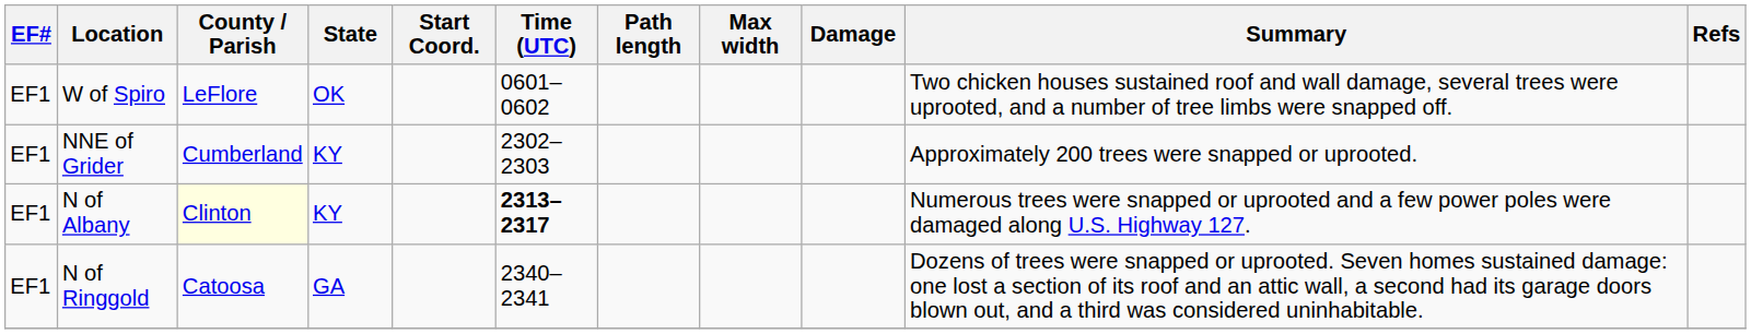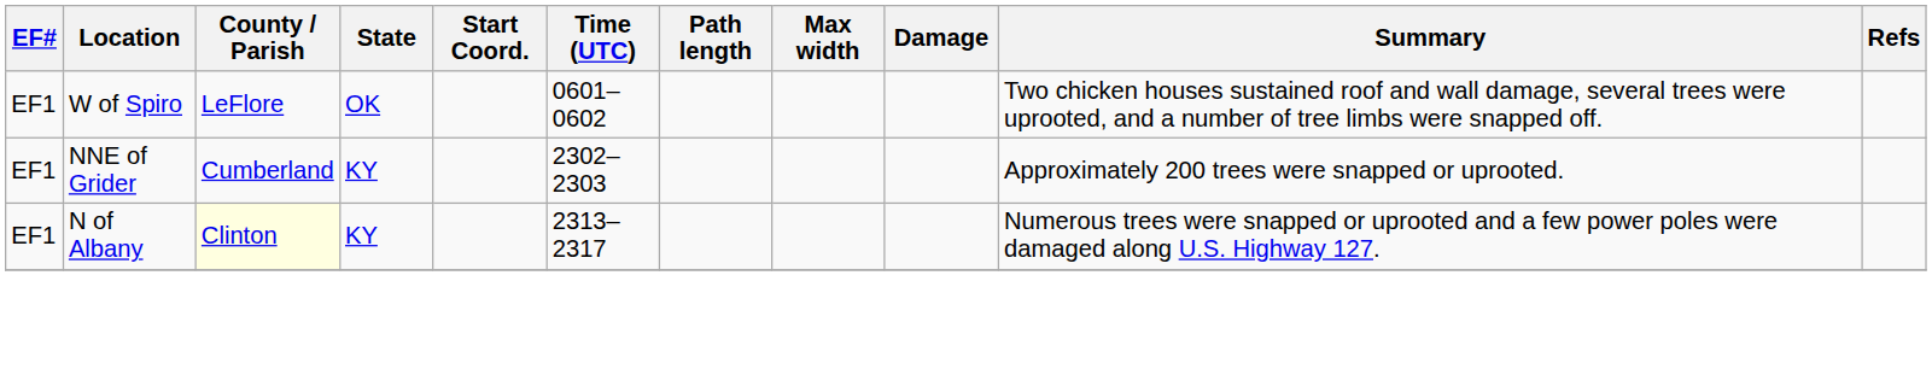 <table class="wikitable sortable" style="width:100%;">
 <tr>
 <th scope="col" width="3%" align="center"><a href='#'>EF#</a></th>
 <th scope="col" width="7%" align="center" class="unsortable">Location</th>
 <th scope="col" width="6%" align="center" class="unsortable">County / Parish</th>
 <th scope="col" width="5%" align="center">State</th>
 <th scope="col" width="6%" align="center">Start Coord.</th>
 <th scope="col" width="6%" align="center">Time (<a href='#'>UTC</a>)</th>
 <th scope="col" width="6%" align="center">Path length</th>
 <th scope="col" width="6%" align="center">Max width</th>
 <th scope="col" width="6%" align="center">Damage</th>
 <th scope="col" width="48%" class="unsortable" align="center">Summary</th>
 <th scope="col" width="48%" class="unsortable" align="center">Refs</th>
 </tr>
 <tr>
 <td>EF1</td>
 <td>W of <a href='#'>Spiro</a></td>
 <td><a href='#'>LeFlore</a></td>
 <td><a href='#'>OK</a></td>
 <td></td>
 <td>0601–0602</td>
 <td></td>
 <td></td>
 <td></td>
 <td>Two chicken houses sustained roof and wall damage, several trees were uprooted, and a number of tree limbs were snapped off.</td>
 <td></td>
 </tr>
 <tr>
 <td>EF1</td>
 <td>NNE of <a href='#'>Grider</a></td>
 <td><a href='#'>Cumberland</a></td>
 <td><a href='#'>KY</a></td>
 <td></td>
 <td>2302–2303</td>
 <td></td>
 <td></td>
 <td></td>
 <td>Approximately 200 trees were snapped or uprooted.</td>
 <td></td>
 </tr>
 <tr>
 <td>EF1</td>
 <td>N of <a href='#'>Albany</a></td>
 <td style="background: lightyellow;"><a href='#'>Clinton</a></td>
 <td><a href='#'>KY</a></td>
 <td></td>
-<td><strong>2313–2317</strong></td>
+<td>2313–2317</td>
 <td></td>
 <td></td>
 <td></td>
 <td>Numerous trees were snapped or uprooted and a few power poles were damaged along <a href='#'>U.S. Highway 127</a>.</td>
 <td></td>
 </tr>
 <tr>
-<td>EF1</td>
-<td>N of <a href='#'>Ringgold</a></td>
-<td><a href='#'>Catoosa</a></td>
-<td><a href='#'>GA</a></td>
-<td></td>
-<td>2340–2341</td>
-<td></td>
-<td></td>
-<td></td>
-<td>Dozens of trees were snapped or uprooted. Seven homes sustained damage: one lost a section of its roof and an attic wall, a second had its garage doors blown out, and a third was considered uninhabitable.</td>
-<td></td>
-</tr>
-<tr>
 </tr>
 </table>
